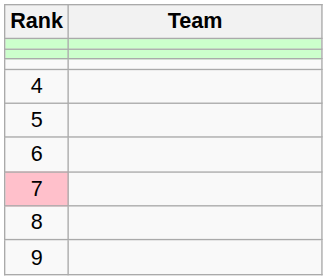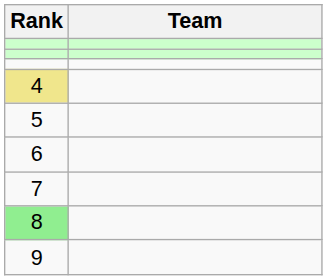 <table class="wikitable" style="text-align: center;">
 <tr>
 <th width=40>Rank</th>
 <th width=180>Team</th>
 </tr>
 <tr bgcolor=#ccffcc>
 <td></td>
 <td align=left></td>
 </tr>
 <tr bgcolor=#ccffcc>
 <td></td>
 <td align=left></td>
 </tr>
 <tr>
 <td></td>
 <td align=left></td>
 </tr>
 <tr>
-<td>4</td>
+<td style="background: khaki;">4</td>
 <td align=left></td>
 </tr>
 <tr>
 <td>5</td>
 <td align=left></td>
 </tr>
 <tr>
 <td>6</td>
 <td align=left></td>
 </tr>
 <tr>
-<td style="background: pink;">7</td>
+<td>7</td>
 <td align=left></td>
 </tr>
 <tr>
-<td>8</td>
+<td style="background: lightgreen;">8</td>
 <td align=left></td>
 </tr>
 <tr>
 <td>9</td>
 <td align=left></td>
 </tr>
 </table>
